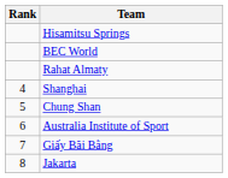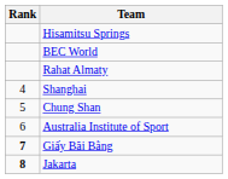 <table class="wikitable" style="text-align: center;">
 <tr>
 <th width=40>Rank</th>
 <th width=240>Team</th>
 </tr>
 <tr>
 <td></td>
 <td align="left"> <a href='#'>Hisamitsu Springs</a></td>
 </tr>
 <tr>
 <td></td>
 <td align="left"> <a href='#'>BEC World</a></td>
 </tr>
 <tr>
 <td></td>
 <td align="left"> <a href='#'>Rahat Almaty</a></td>
 </tr>
 <tr>
 <td>4</td>
 <td align="left"> <a href='#'>Shanghai</a></td>
 </tr>
 <tr>
 <td>5</td>
 <td align="left"> <a href='#'>Chung Shan</a></td>
 </tr>
 <tr>
 <td>6</td>
 <td align="left"> <a href='#'>Australia Institute of Sport</a></td>
 </tr>
 <tr>
-<td>7</td>
+<td><strong>7</strong></td>
 <td align="left"> <a href='#'>Giấy Bãi Bằng</a></td>
 </tr>
 <tr>
-<td>8</td>
+<td><strong>8</strong></td>
 <td align="left"> <a href='#'>Jakarta</a></td>
 </tr>
 </table>
